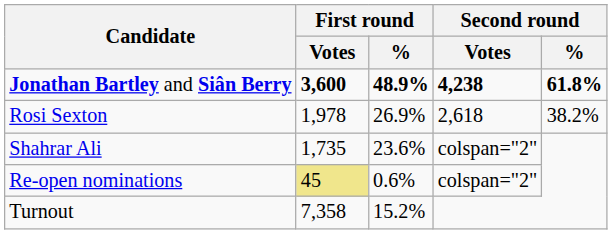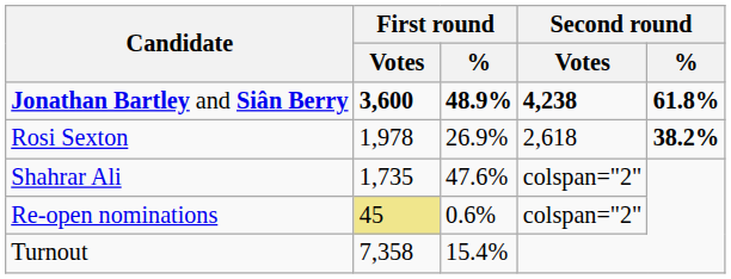 <table class="wikitable" text-align:right"|>
 <tr>
 <th rowspan=2>Candidate</th>
 <th colspan="2">First round</th>
 <th colspan="2">Second round</th>
 </tr>
 <tr>
 <th style="width: 50px">Votes</th>
 <th style="width: 40px">%</th>
 <th style="width: 50px">Votes</th>
 <th style="width: 40px">%</th>
 </tr>
 <tr>
 <td><strong><a href='#'>Jonathan Bartley</a></strong> and <strong><a href='#'>Siân Berry</a></strong></td>
 <td><strong>3,600</strong></td>
 <td><strong>48.9%</strong></td>
 <td><strong>4,238</strong></td>
 <td><strong>61.8%</strong></td>
 </tr>
 <tr>
 <td><a href='#'>Rosi Sexton</a></td>
 <td>1,978</td>
 <td>26.9%</td>
 <td>2,618</td>
-<td>38.2%</td>
+<td><strong>38.2%</strong></td>
 </tr>
 <tr>
 <td><a href='#'>Shahrar Ali</a></td>
 <td>1,735</td>
-<td>23.6%</td>
+<td>47.6%</td>
 <td>colspan="2" </td>
 </tr>
 <tr>
 <td><a href='#'>Re-open nominations</a></td>
 <td style="background: khaki;">45</td>
 <td>0.6%</td>
 <td>colspan="2" </td>
 </tr>
 <tr>
 <td>Turnout</td>
 <td>7,358</td>
-<td>15.2%</td>
+<td>15.4%</td>
 </tr>
 </table>
